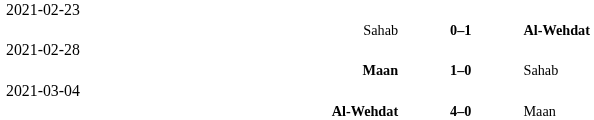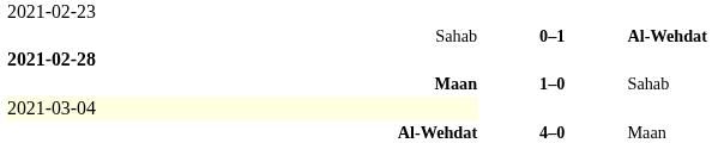 <table width="100%" cellspacing="1">
 <tr>
 <td>2021-02-23</td>
 </tr>
 <tr style="font-size:90%">
 <td align="right">Sahab</td>
 <td align="center"><strong>0–1</strong></td>
 <td><strong>Al-Wehdat</strong></td>
 </tr>
 <tr>
-<td>2021-02-28</td>
+<td><strong>2021-02-28</strong></td>
 </tr>
 <tr style="font-size:90%">
 <td align="right"><strong>Maan</strong></td>
 <td align="center"><strong>1–0</strong></td>
 <td>Sahab</td>
 </tr>
 <tr>
-<td>2021-03-04</td>
+<td style="background: lightyellow;">2021-03-04</td>
 </tr>
 <tr style="font-size:90%">
 <td align="right"><strong>Al-Wehdat</strong></td>
 <td align="center"><strong>4–0</strong></td>
 <td>Maan</td>
 </tr>
 </table>
